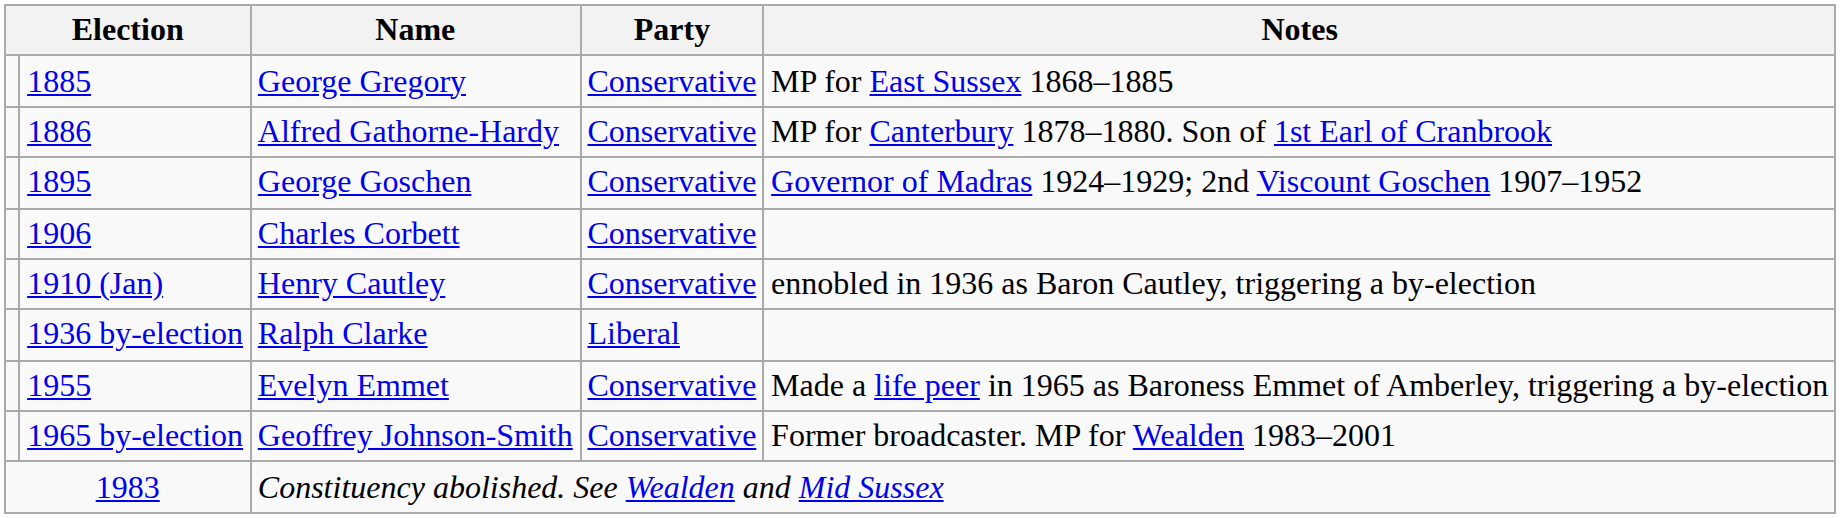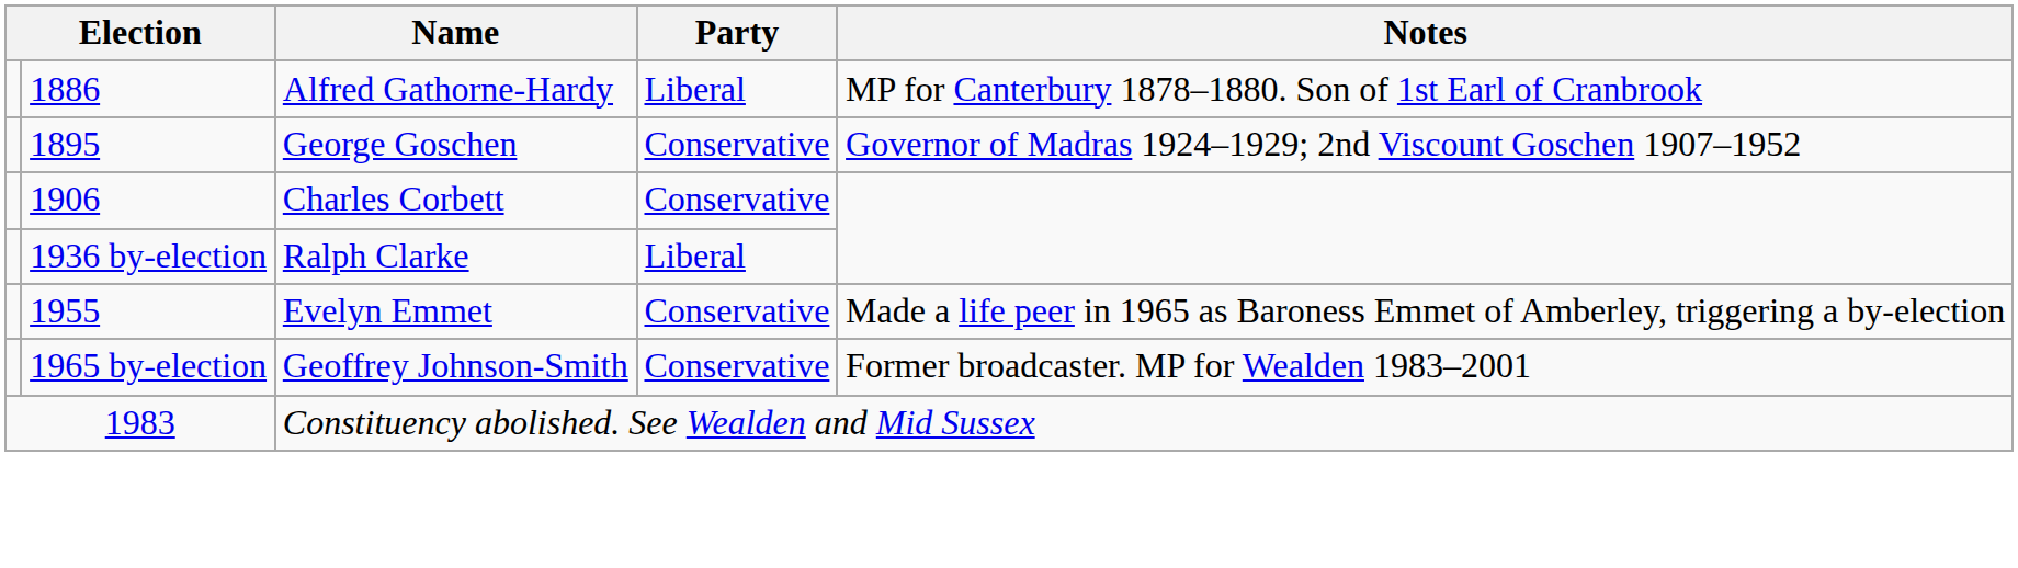 <table class="wikitable">
 <tr>
 <th colspan="2">Election</th>
 <th>Name</th>
 <th>Party</th>
 <th>Notes</th>
 </tr>
 <tr>
 <td style="color:inherit;background-color: "></td>
-<td><a href='#'>1885</a></td>
-<td><a href='#'>George Gregory</a></td>
-<td><a href='#'>Conservative</a></td>
-<td>MP for <a href='#'>East Sussex</a> 1868–1885</td>
-</tr>
-<tr>
-<td style="color:inherit;background-color: "></td>
 <td><a href='#'>1886</a></td>
 <td><a href='#'>Alfred Gathorne-Hardy</a></td>
-<td><a href='#'>Conservative</a></td>
+<td><a href='#'>Liberal</a></td>
 <td>MP for <a href='#'>Canterbury</a> 1878–1880. Son of <a href='#'>1st Earl of Cranbrook</a></td>
 </tr>
 <tr>
 <td style="color:inherit;background-color: "></td>
 <td><a href='#'>1895</a></td>
 <td><a href='#'>George Goschen</a></td>
 <td><a href='#'>Conservative</a></td>
 <td><a href='#'>Governor of Madras</a> 1924–1929; 2nd <a href='#'>Viscount Goschen</a> 1907–1952</td>
 </tr>
 <tr>
 <td style="color:inherit;background-color: "></td>
 <td><a href='#'>1906</a></td>
 <td><a href='#'>Charles Corbett</a></td>
 <td><a href='#'>Conservative</a></td>
-</tr>
-<tr>
-<td style="color:inherit;background-color: "></td>
-<td><a href='#'>1910 (Jan)</a></td>
-<td><a href='#'>Henry Cautley</a></td>
-<td><a href='#'>Conservative</a></td>
-<td>ennobled in 1936 as Baron Cautley, triggering a by-election</td>
 </tr>
 <tr>
 <td style="color:inherit;background-color: "></td>
 <td><a href='#'>1936 by-election</a></td>
 <td><a href='#'>Ralph Clarke</a></td>
 <td><a href='#'>Liberal</a></td>
 </tr>
 <tr>
 <td style="color:inherit;background-color: "></td>
 <td><a href='#'>1955</a></td>
 <td><a href='#'>Evelyn Emmet</a></td>
 <td><a href='#'>Conservative</a></td>
 <td>Made a <a href='#'>life peer</a> in 1965 as Baroness Emmet of Amberley, triggering a by-election</td>
 </tr>
 <tr>
 <td style="color:inherit;background-color: "></td>
 <td><a href='#'>1965 by-election</a></td>
 <td><a href='#'>Geoffrey Johnson-Smith</a></td>
 <td><a href='#'>Conservative</a></td>
 <td>Former broadcaster. MP for <a href='#'>Wealden</a> 1983–2001</td>
 </tr>
 <tr>
 <td colspan="2" align="center"><a href='#'>1983</a></td>
 <td colspan="3"><em>Constituency abolished. See <a href='#'>Wealden</a> and <a href='#'>Mid Sussex</a></em></td>
 </tr>
 </table>
